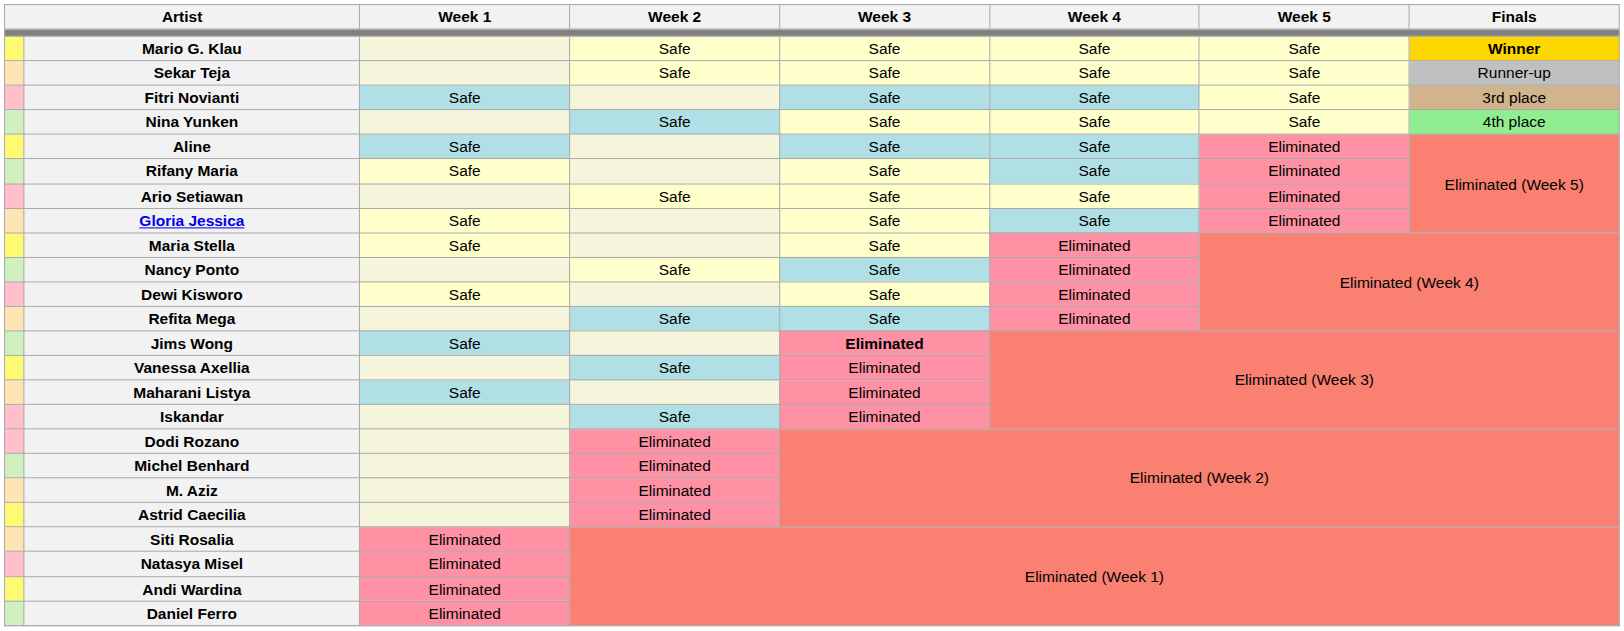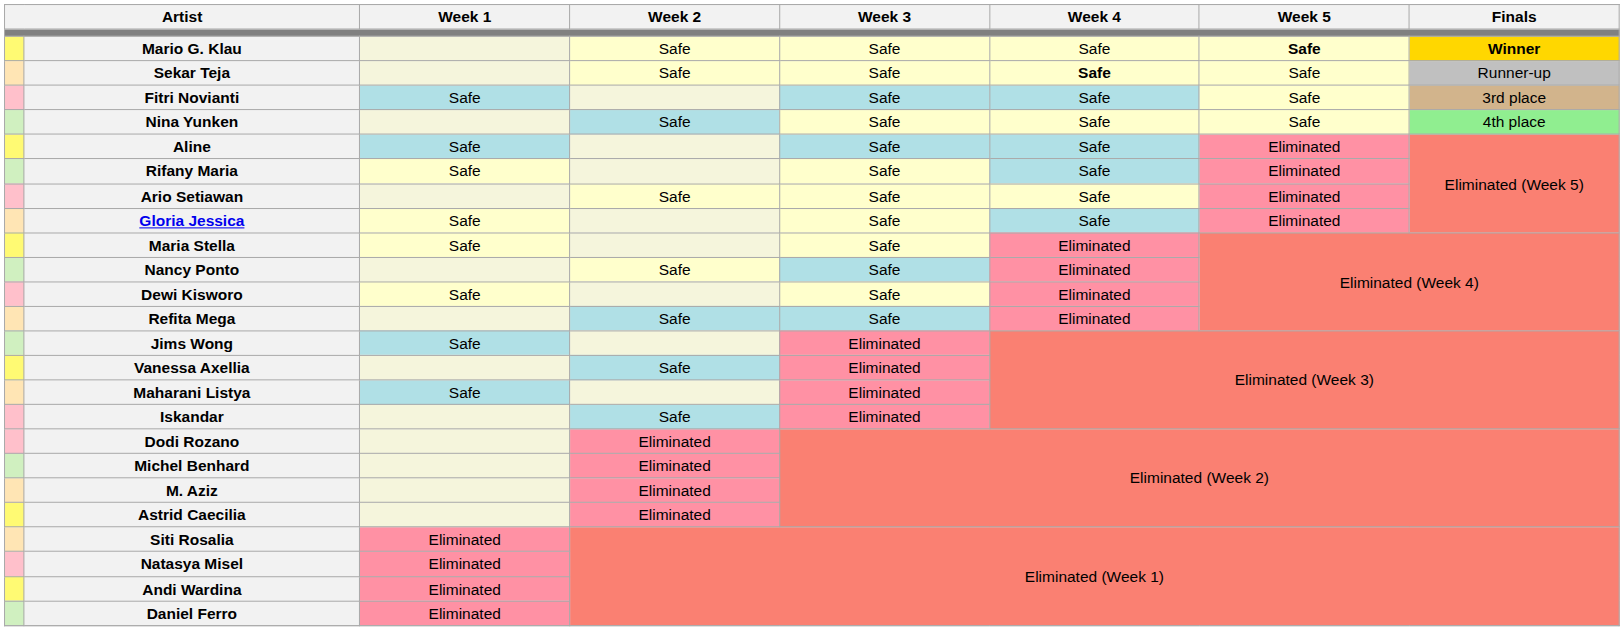 <table class="wikitable"  style="text-align:center; font-size:95%; width:100%;">
 <tr>
 </tr>
 <tr>
 <th colspan="2">Artist</th>
 <th style="width:13%;">Week 1</th>
 <th style="width:13%;">Week 2</th>
 <th style="width:13%;">Week 3</th>
 <th style="width:13%;">Week 4</th>
 <th style="width:13%;">Week 5</th>
 <th style="width:13%;">Finals</th>
 </tr>
 <tr>
 <th colspan="8" style="background:gray;"></th>
 </tr>
 <tr>
 <th style="background:#fffa73;"></th>
 <th>Mario G. Klau</th>
 <td style="background:#F5F5DC;"></td>
 <td style="background:#ffc;">Safe</td>
 <td style="background:#ffc;">Safe</td>
 <td style="background:#ffc;">Safe</td>
-<td style="background:#ffc;">Safe</td>
+<td style="background:#ffc;"><strong>Safe</strong></td>
 <td style="background:gold;"><strong>Winner</strong></td>
 </tr>
 <tr>
 <th style="background:#ffe5b4;"></th>
 <th>Sekar Teja</th>
 <td style="background:#F5F5DC;"></td>
 <td style="background:#ffc;">Safe</td>
 <td style="background:#ffc;">Safe</td>
-<td style="background:#ffc;">Safe</td>
+<td style="background:#ffc;"><strong>Safe</strong></td>
 <td style="background:#ffc;">Safe</td>
 <td style="background:silver;">Runner-up</td>
 </tr>
 <tr>
 <th style="background:pink;"></th>
 <th>Fitri Novianti</th>
 <td style="background:#b0e0e6">Safe</td>
 <td style="background:#F5F5DC;"></td>
 <td style="background:#b0e0e6">Safe</td>
 <td style="background:#b0e0e6">Safe</td>
 <td style="background:#ffc;">Safe</td>
 <td style="background:tan;">3rd place</td>
 </tr>
 <tr>
 <th style="background:#d0f0c0;"></th>
 <th>Nina Yunken</th>
 <td style="background:#F5F5DC;"></td>
 <td style="background:#b0e0e6">Safe</td>
 <td style="background:#ffc;">Safe</td>
 <td style="background:#ffc;">Safe</td>
 <td style="background:#ffc;">Safe</td>
 <td style="background:lightgreen;">4th place</td>
 </tr>
 <tr>
 <th style="background:#fffa73;"></th>
 <th>Aline</th>
 <td style="background:#b0e0e6">Safe</td>
 <td style="background:#F5F5DC;"></td>
 <td style="background:#b0e0e6">Safe</td>
 <td style="background:#b0e0e6">Safe</td>
 <td style="background:#FF91A4;">Eliminated</td>
 <td rowspan="4" style="background:salmon;">Eliminated (Week 5)</td>
 </tr>
 <tr>
 <th style="background:#d0f0c0;"></th>
 <th>Rifany Maria</th>
 <td style="background:#ffc;">Safe</td>
 <td style="background:#F5F5DC;"></td>
 <td style="background:#ffc;">Safe</td>
 <td style="background:#b0e0e6">Safe</td>
 <td style="background:#FF91A4;">Eliminated</td>
 </tr>
 <tr>
 <th style="background:pink;"></th>
 <th>Ario Setiawan</th>
 <td style="background:#F5F5DC;"></td>
 <td style="background:#ffc;">Safe</td>
 <td style="background:#ffc;">Safe</td>
 <td style="background:#ffc;">Safe</td>
 <td style="background:#FF91A4;">Eliminated</td>
 </tr>
 <tr>
 <th style="background:#ffe5b4;"></th>
 <th><a href='#'>Gloria Jessica</a></th>
 <td style="background:#ffc;">Safe</td>
 <td style="background:#F5F5DC;"></td>
 <td style="background:#ffc;">Safe</td>
 <td style="background:#b0e0e6">Safe</td>
 <td style="background:#FF91A4;">Eliminated</td>
 </tr>
 <tr>
 <th style="background:#fffa73;"></th>
 <th>Maria Stella</th>
 <td style="background:#ffc;">Safe</td>
 <td style="background:#F5F5DC;"></td>
 <td style="background:#ffc;">Safe</td>
 <td style="background:#FF91A4;">Eliminated</td>
 <td rowspan="4" colspan="2" style="background:salmon;">Eliminated (Week 4)</td>
 </tr>
 <tr>
 <th style="background:#d0f0c0;"></th>
 <th>Nancy Ponto</th>
 <td style="background:#F5F5DC;"></td>
 <td style="background:#ffc;">Safe</td>
 <td style="background:#b0e0e6">Safe</td>
 <td style="background:#FF91A4;">Eliminated</td>
 </tr>
 <tr>
 <th style="background:pink;"></th>
 <th>Dewi Kisworo</th>
 <td style="background:#ffc;">Safe</td>
 <td style="background:#F5F5DC;"></td>
 <td style="background:#ffc;">Safe</td>
 <td style="background:#FF91A4;">Eliminated</td>
 </tr>
 <tr>
 <th style="background:#ffe5b4;"></th>
 <th>Refita Mega</th>
 <td style="background:#F5F5DC;"></td>
 <td style="background:#b0e0e6">Safe</td>
 <td style="background:#b0e0e6">Safe</td>
 <td style="background:#FF91A4;">Eliminated</td>
 </tr>
 <tr>
 <th style="background:#d0f0c0;"></th>
 <th>Jims Wong</th>
 <td style="background:#b0e0e6">Safe</td>
 <td style="background:#F5F5DC;"></td>
-<td style="background:#FF91A4;"><strong>Eliminated</strong></td>
+<td style="background:#FF91A4;">Eliminated</td>
 <td rowspan="4" colspan="3" style="background:salmon;">Eliminated (Week 3)</td>
 </tr>
 <tr>
 <th style="background:#fffa73;"></th>
 <th>Vanessa Axellia</th>
 <td style="background:#F5F5DC;"></td>
 <td style="background:#b0e0e6">Safe</td>
 <td style="background:#FF91A4;">Eliminated</td>
 </tr>
 <tr>
 <th style="background:#ffe5b4;"></th>
 <th>Maharani Listya</th>
 <td style="background:#b0e0e6">Safe</td>
 <td style="background:#F5F5DC;"></td>
 <td style="background:#FF91A4;">Eliminated</td>
 </tr>
 <tr>
 <th style="background:pink;"></th>
 <th>Iskandar</th>
 <td style="background:#F5F5DC;"></td>
 <td style="background:#b0e0e6">Safe</td>
 <td style="background:#FF91A4;">Eliminated</td>
 </tr>
 <tr>
 <th style="background:pink;"></th>
 <th>Dodi Rozano</th>
 <td style="background:#F5F5DC;"></td>
 <td style="background:#FF91A4;">Eliminated</td>
 <td rowspan="4" colspan="4" style="background:salmon;">Eliminated (Week 2)</td>
 </tr>
 <tr>
 <th style="background:#d0f0c0;"></th>
 <th>Michel Benhard</th>
 <td style="background:#F5F5DC;"></td>
 <td style="background:#FF91A4;">Eliminated</td>
 </tr>
 <tr>
 <th style="background:#ffe5b4;"></th>
 <th>M. Aziz</th>
 <td style="background:#F5F5DC;"></td>
 <td style="background:#FF91A4;">Eliminated</td>
 </tr>
 <tr>
 <th style="background:#fffa73;"></th>
 <th>Astrid Caecilia</th>
 <td style="background:#F5F5DC;"></td>
 <td style="background:#FF91A4;">Eliminated</td>
 </tr>
 <tr>
 <th style="background:#ffe5b4;"></th>
 <th>Siti Rosalia</th>
 <td style="background:#FF91A4;">Eliminated</td>
 <td rowspan="4" colspan="5" style="background:salmon;">Eliminated (Week 1)</td>
 </tr>
 <tr>
 <th style="background:pink;"></th>
 <th>Natasya Misel</th>
 <td style="background:#FF91A4;">Eliminated</td>
 </tr>
 <tr>
 <th style="background:#fffa73;"></th>
 <th>Andi Wardina</th>
 <td style="background:#FF91A4;">Eliminated</td>
 </tr>
 <tr>
 <th style="background:#d0f0c0;"></th>
 <th>Daniel Ferro</th>
 <td style="background:#FF91A4;">Eliminated</td>
 </tr>
 <tr>
 </tr>
 </table>
